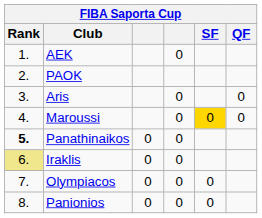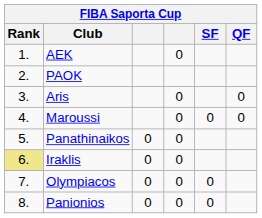 <table class="wikitable" style="text-align:center">
 <tr style="font-size:90%">
 <th colspan=6><a href='#'>FIBA Saporta Cup</a></th>
 </tr>
 <tr>
 <th>Rank</th>
 <th width=30>Club</th>
 <th width=30></th>
 <th width="30"></th>
 <th width=30><a href='#'>SF</a></th>
 <th width=30><a href='#'>QF</a></th>
 </tr>
 <tr>
 <td>1.</td>
 <td align=left><a href='#'>AEK</a></td>
 <td></td>
 <td>0</td>
 <td></td>
 <td></td>
 </tr>
 <tr>
 <td>2.</td>
 <td align=left><a href='#'>PAOK</a></td>
 <td></td>
 <td></td>
 <td></td>
 <td></td>
 </tr>
 <tr>
 <td>3.</td>
 <td align=left><a href='#'>Aris</a></td>
 <td></td>
 <td>0</td>
 <td></td>
 <td>0</td>
 </tr>
 <tr>
 <td>4.</td>
 <td align=left><a href='#'>Maroussi</a></td>
 <td></td>
 <td>0</td>
-<td style="background: gold;">0</td>
+<td>0</td>
 <td>0</td>
 </tr>
 <tr>
-<td><strong>5.</strong></td>
+<td>5.</td>
 <td align=left><a href='#'>Panathinaikos</a></td>
 <td>0</td>
 <td>0</td>
 <td></td>
 <td></td>
 </tr>
 <tr>
 <td style="background: khaki;">6.</td>
 <td align=left><a href='#'>Iraklis</a></td>
 <td>0</td>
 <td>0</td>
 <td></td>
 <td></td>
 </tr>
 <tr>
 <td>7.</td>
 <td align=left><a href='#'>Olympiacos</a></td>
 <td>0</td>
 <td>0</td>
 <td>0</td>
 <td></td>
 </tr>
 <tr>
 <td>8.</td>
 <td align=left><a href='#'>Panionios</a></td>
 <td>0</td>
 <td>0</td>
 <td>0</td>
 <td></td>
 </tr>
 </table>
